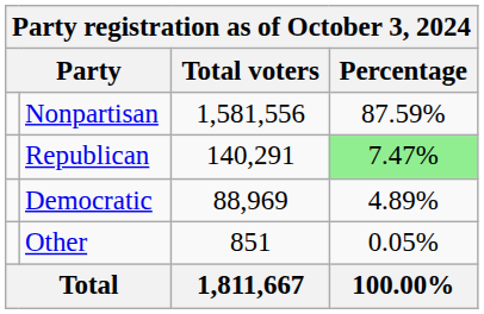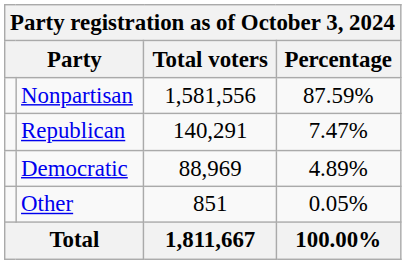 <table class=wikitable floatright">
 <tr>
 <th colspan = 6>Party registration as of October 3, 2024</th>
 </tr>
 <tr>
 <th colspan = 2>Party</th>
 <th>Total voters</th>
 <th>Percentage</th>
 </tr>
 <tr>
 <td></td>
 <td><a href='#'>Nonpartisan</a></td>
 <td align=center>1,581,556</td>
 <td align=center>87.59%</td>
 </tr>
 <tr>
 <td></td>
 <td><a href='#'>Republican</a></td>
 <td align=center>140,291</td>
-<td align=center style="background: lightgreen;">7.47%</td>
+<td align=center>7.47%</td>
 </tr>
 <tr>
 <td></td>
 <td><a href='#'>Democratic</a></td>
 <td align=center>88,969</td>
 <td align=center>4.89%</td>
 </tr>
 <tr>
 <td></td>
 <td><a href='#'>Other</a></td>
 <td align=center>851</td>
 <td align=center>0.05%</td>
 </tr>
 <tr>
 <th colspan = 2>Total</th>
 <th align=center>1,811,667</th>
 <th align=center>100.00%</th>
 </tr>
 </table>
